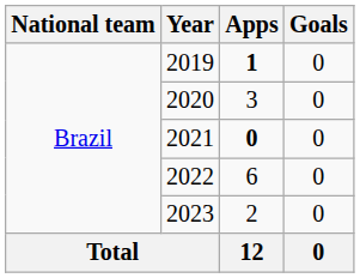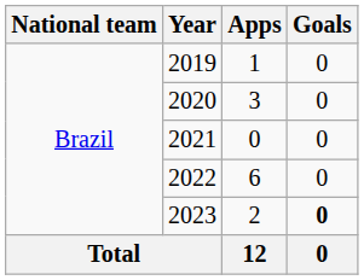 <table class=wikitable style=text-align:center>
 <tr>
 <th>National team</th>
 <th>Year</th>
 <th>Apps</th>
 <th>Goals</th>
 </tr>
 <tr>
 <td rowspan=5><a href='#'>Brazil</a></td>
 <td>2019</td>
-<td><strong>1</strong></td>
+<td>1</td>
 <td>0</td>
 </tr>
 <tr>
 <td>2020</td>
 <td>3</td>
 <td>0</td>
 </tr>
 <tr>
 <td>2021</td>
-<td><strong>0</strong></td>
+<td>0</td>
 <td>0</td>
 </tr>
 <tr>
 <td>2022</td>
 <td>6</td>
 <td>0</td>
 </tr>
 <tr>
 <td>2023</td>
 <td>2</td>
-<td>0</td>
+<td><strong>0</strong></td>
 </tr>
 <tr>
 <th colspan=2>Total</th>
 <th>12</th>
 <th>0</th>
 </tr>
 </table>
